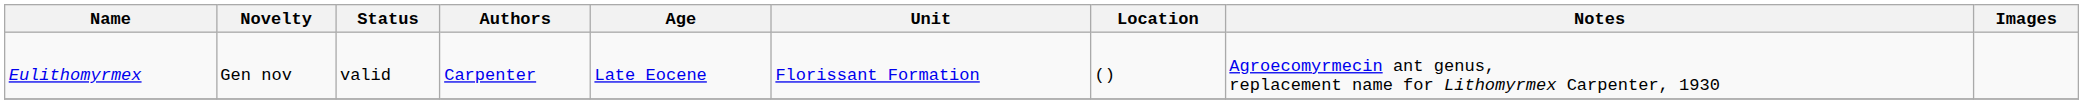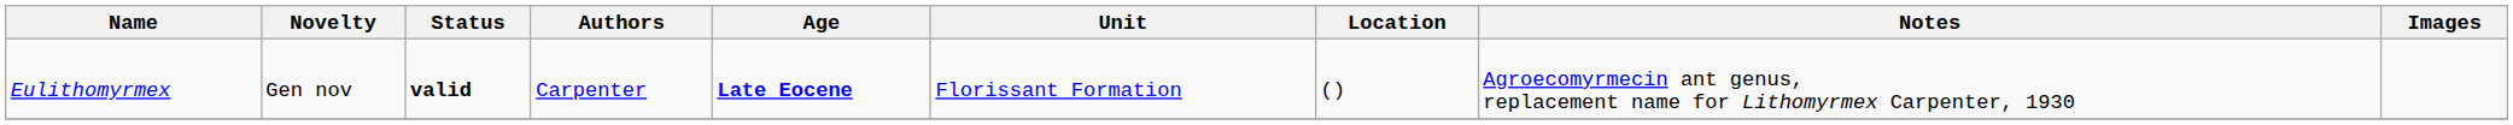 <table class="wikitable sortable" align="center" width="100%">
 <tr>
 <th>Name</th>
 <th>Novelty</th>
 <th>Status</th>
 <th>Authors</th>
 <th>Age</th>
 <th>Unit</th>
 <th>Location</th>
 <th>Notes</th>
 <th>Images</th>
 </tr>
 <tr>
 <td><br><em><a href='#'>Eulithomyrmex</a></em></td>
 <td><br>Gen nov</td>
-<td><br>valid</td>
+<td><strong><br>valid</strong></td>
 <td><br><a href='#'>Carpenter</a></td>
-<td><br><a href='#'>Late Eocene</a></td>
+<td><strong><br><a href='#'>Late Eocene</a></strong></td>
 <td><br><a href='#'>Florissant Formation</a></td>
 <td><br> ()</td>
 <td><br><a href='#'>Agroecomyrmecin</a> ant genus, <br>replacement name for <em>Lithomyrmex</em> Carpenter, 1930</td>
 <td><br></td>
 </tr>
 <tr>
 </tr>
 </table>
